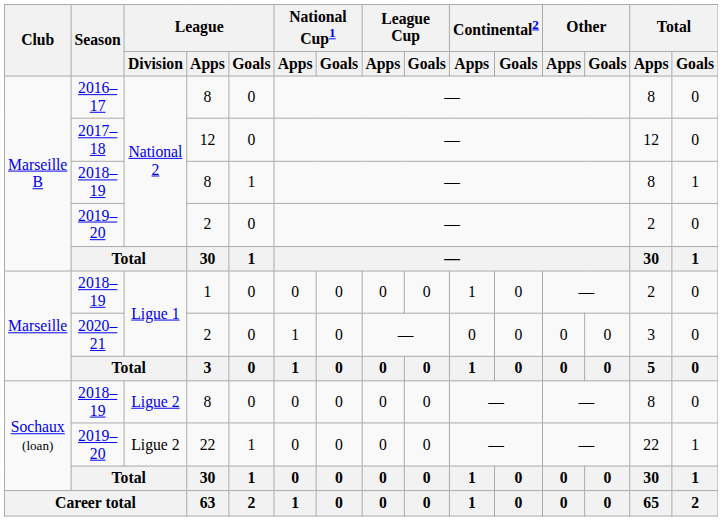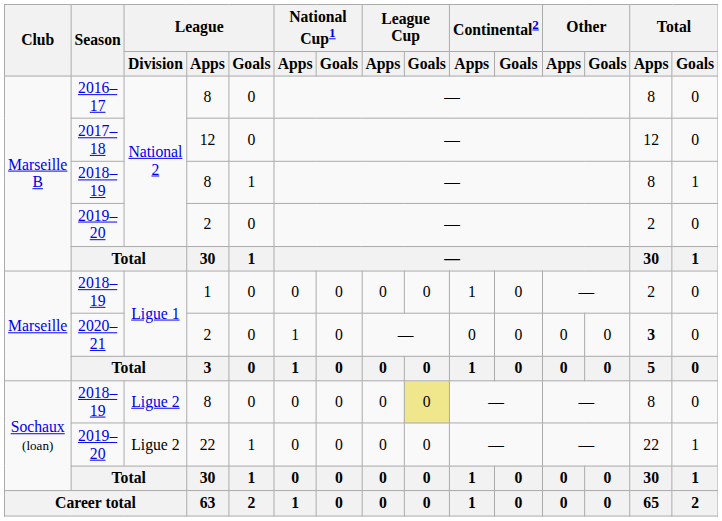 <table class="wikitable" style="text-align: center;">
 <tr>
 <th rowspan="2">Club</th>
 <th rowspan="2">Season</th>
 <th colspan="3">League</th>
 <th colspan="2">National Cup<sup><a href='#'>1</a></sup></th>
 <th colspan="2">League Cup</th>
 <th colspan="2">Continental<sup><a href='#'>2</a></sup></th>
 <th colspan="2">Other</th>
 <th colspan="2">Total</th>
 </tr>
 <tr>
 <th>Division</th>
 <th>Apps</th>
 <th>Goals</th>
 <th>Apps</th>
 <th>Goals</th>
 <th>Apps</th>
 <th>Goals</th>
 <th>Apps</th>
 <th>Goals</th>
 <th>Apps</th>
 <th>Goals</th>
 <th>Apps</th>
 <th>Goals</th>
 </tr>
 <tr>
 <td rowspan="5"><a href='#'>Marseille B</a></td>
 <td><a href='#'>2016–17</a></td>
 <td rowspan="4"><a href='#'>National 2</a></td>
 <td>8</td>
 <td>0</td>
 <td colspan="8">—</td>
 <td>8</td>
 <td>0</td>
 </tr>
 <tr>
 <td><a href='#'>2017–18</a></td>
 <td>12</td>
 <td>0</td>
 <td colspan="8">—</td>
 <td>12</td>
 <td>0</td>
 </tr>
 <tr>
 <td><a href='#'>2018–19</a></td>
 <td>8</td>
 <td>1</td>
 <td colspan="8">—</td>
 <td>8</td>
 <td>1</td>
 </tr>
 <tr>
 <td><a href='#'>2019–20</a></td>
 <td>2</td>
 <td>0</td>
 <td colspan="8">—</td>
 <td>2</td>
 <td>0</td>
 </tr>
 <tr>
 <th colspan="2">Total</th>
 <th>30</th>
 <th>1</th>
 <th colspan="8">—</th>
 <th>30</th>
 <th>1</th>
 </tr>
 <tr>
 <td rowspan="3"><a href='#'>Marseille</a></td>
 <td><a href='#'>2018–19</a></td>
 <td rowspan="2"><a href='#'>Ligue 1</a></td>
 <td>1</td>
 <td>0</td>
 <td>0</td>
 <td>0</td>
 <td>0</td>
 <td>0</td>
 <td>1</td>
 <td>0</td>
 <td colspan="2">—</td>
 <td>2</td>
 <td>0</td>
 </tr>
 <tr>
 <td><a href='#'>2020–21</a></td>
 <td>2</td>
 <td>0</td>
 <td>1</td>
 <td>0</td>
 <td colspan="2">—</td>
 <td>0</td>
 <td>0</td>
 <td>0</td>
 <td>0</td>
-<td>3</td>
+<td><strong>3</strong></td>
 <td>0</td>
 </tr>
 <tr>
 <th colspan="2">Total</th>
 <th>3</th>
 <th>0</th>
 <th>1</th>
 <th>0</th>
 <th>0</th>
 <th>0</th>
 <th>1</th>
 <th>0</th>
 <th>0</th>
 <th>0</th>
 <th>5</th>
 <th>0</th>
 </tr>
 <tr>
 <td rowspan="3"><a href='#'>Sochaux</a> <small>(loan)</small></td>
 <td><a href='#'>2018–19</a></td>
 <td><a href='#'>Ligue 2</a></td>
 <td>8</td>
 <td>0</td>
 <td>0</td>
 <td>0</td>
 <td>0</td>
-<td>0</td>
+<td style="background: khaki;">0</td>
 <td colspan="2">—</td>
 <td colspan="2">—</td>
 <td>8</td>
 <td>0</td>
 </tr>
 <tr>
 <td><a href='#'>2019–20</a></td>
 <td>Ligue 2</td>
 <td>22</td>
 <td>1</td>
 <td>0</td>
 <td>0</td>
 <td>0</td>
 <td>0</td>
 <td colspan="2">—</td>
 <td colspan="2">—</td>
 <td>22</td>
 <td>1</td>
 </tr>
 <tr>
 <th colspan="2">Total</th>
 <th>30</th>
 <th>1</th>
 <th>0</th>
 <th>0</th>
 <th>0</th>
 <th>0</th>
 <th>1</th>
 <th>0</th>
 <th>0</th>
 <th>0</th>
 <th>30</th>
 <th>1</th>
 </tr>
 <tr>
 <th colspan="3">Career total</th>
 <th>63</th>
 <th>2</th>
 <th>1</th>
 <th>0</th>
 <th>0</th>
 <th>0</th>
 <th>1</th>
 <th>0</th>
 <th>0</th>
 <th>0</th>
 <th>65</th>
 <th>2</th>
 </tr>
 </table>
